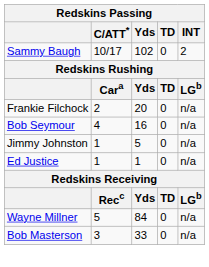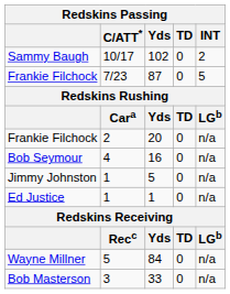 <table class="wikitable">
 <tr>
 <th colspan="5">Redskins Passing</th>
 </tr>
 <tr>
 <th></th>
 <th>C/ATT<sup>*</sup></th>
 <th>Yds</th>
 <th>TD</th>
 <th>INT</th>
 </tr>
 <tr>
 <td><a href='#'>Sammy Baugh</a></td>
 <td>10/17</td>
 <td>102</td>
 <td>0</td>
 <td>2</td>
+</tr>
+<tr>
+<td><a href='#'>Frankie Filchock</a></td>
+<td>7/23</td>
+<td>87</td>
+<td>0</td>
+<td>5</td>
 </tr>
 <tr>
 <th colspan="5">Redskins Rushing</th>
 </tr>
 <tr>
 <th></th>
 <th>Car<sup>a</sup></th>
 <th>Yds</th>
 <th>TD</th>
 <th>LG<sup>b</sup></th>
 </tr>
 <tr>
 <td>Frankie Filchock</td>
 <td>2</td>
 <td>20</td>
 <td>0</td>
 <td>n/a</td>
 </tr>
 <tr>
 <td><a href='#'>Bob Seymour</a></td>
 <td>4</td>
 <td>16</td>
 <td>0</td>
 <td>n/a</td>
 </tr>
 <tr>
 <td>Jimmy Johnston</td>
 <td>1</td>
 <td>5</td>
 <td>0</td>
 <td>n/a</td>
 </tr>
 <tr>
 <td><a href='#'>Ed Justice</a></td>
 <td>1</td>
 <td>1</td>
 <td>0</td>
 <td>n/a</td>
 </tr>
 <tr>
 <th colspan="5">Redskins Receiving</th>
 </tr>
 <tr>
 <th></th>
 <th>Rec<sup>c</sup></th>
 <th>Yds</th>
 <th>TD</th>
 <th>LG<sup>b</sup></th>
 </tr>
 <tr>
 <td><a href='#'>Wayne Millner</a></td>
 <td>5</td>
 <td>84</td>
 <td>0</td>
 <td>n/a</td>
 </tr>
 <tr>
 <td><a href='#'>Bob Masterson</a></td>
 <td>3</td>
 <td>33</td>
 <td>0</td>
 <td>n/a</td>
 </tr>
 </table>
